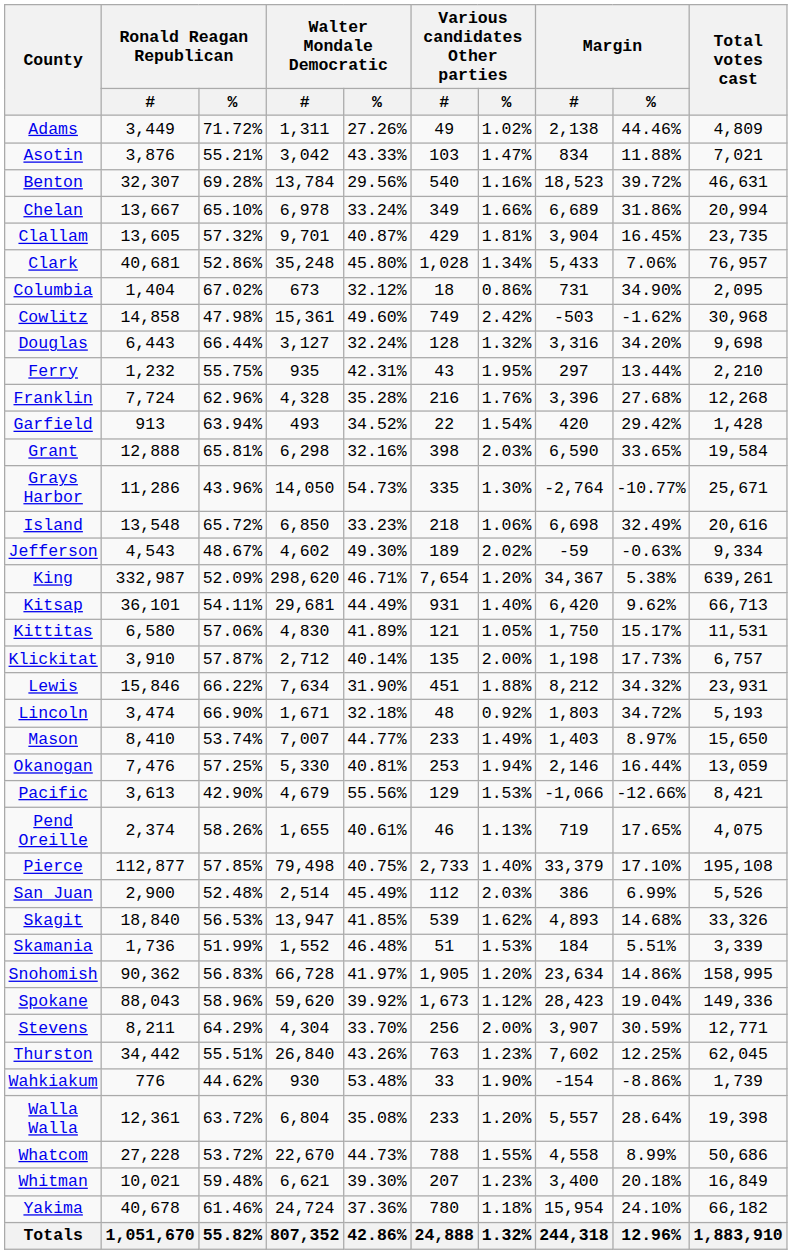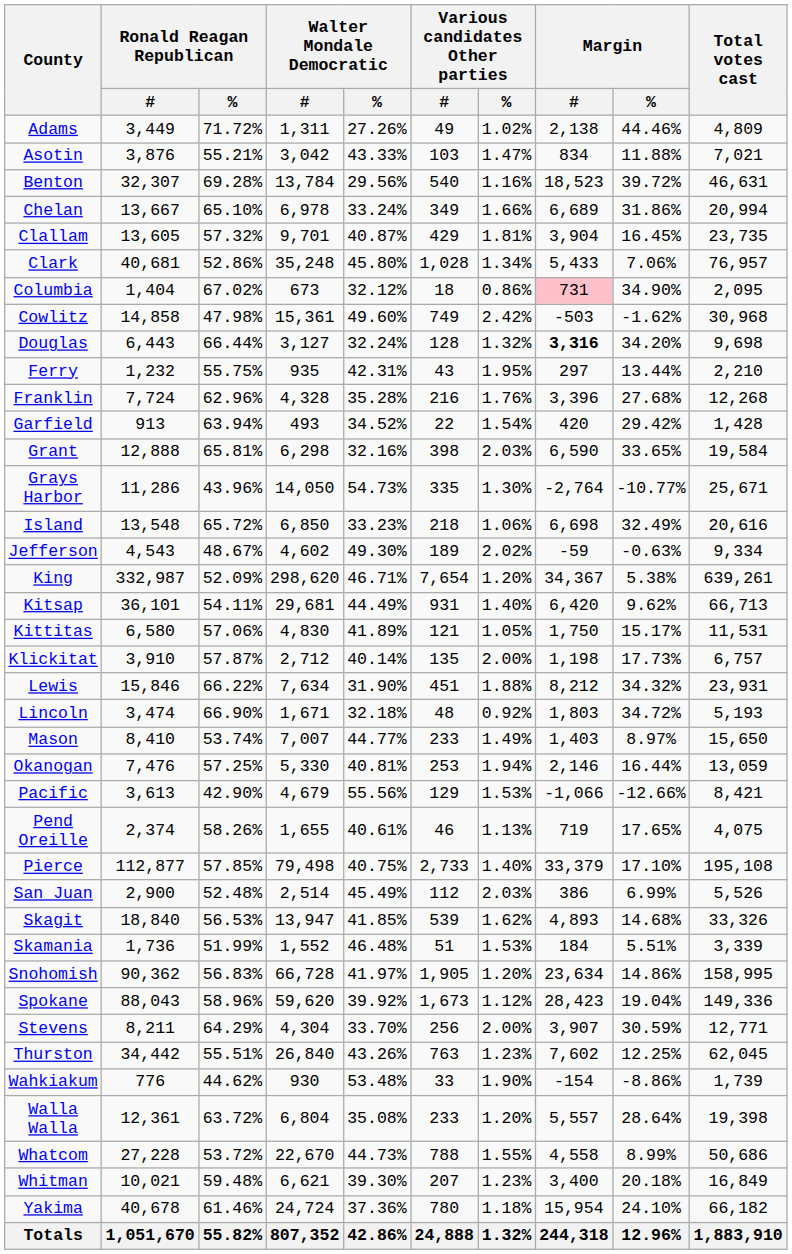 <table width="60%" class="wikitable sortable" style="text-align:center">
 <tr>
 <th style="text-align:center;" rowspan="2">County</th>
 <th style="text-align:center;" colspan="2">Ronald Reagan<br>Republican</th>
 <th style="text-align:center;" colspan="2">Walter Mondale<br>Democratic</th>
 <th style="text-align:center;" colspan="2">Various candidates<br>Other parties</th>
 <th style="text-align:center;" colspan="2">Margin</th>
 <th style="text-align:center;" rowspan="2">Total votes cast</th>
 </tr>
 <tr>
 <th style="text-align:center;" data-sort-type="number">#</th>
 <th style="text-align:center;" data-sort-type="number">%</th>
 <th style="text-align:center;" data-sort-type="number">#</th>
 <th style="text-align:center;" data-sort-type="number">%</th>
 <th style="text-align:center;" data-sort-type="number">#</th>
 <th style="text-align:center;" data-sort-type="number">%</th>
 <th style="text-align:center;" data-sort-type="number">#</th>
 <th style="text-align:center;" data-sort-type="number">%</th>
 </tr>
 <tr style="text-align:center;">
 <td><a href='#'>Adams</a></td>
 <td>3,449</td>
 <td>71.72%</td>
 <td>1,311</td>
 <td>27.26%</td>
 <td>49</td>
 <td>1.02%</td>
 <td>2,138</td>
 <td>44.46%</td>
 <td>4,809</td>
 </tr>
 <tr style="text-align:center;">
 <td><a href='#'>Asotin</a></td>
 <td>3,876</td>
 <td>55.21%</td>
 <td>3,042</td>
 <td>43.33%</td>
 <td>103</td>
 <td>1.47%</td>
 <td>834</td>
 <td>11.88%</td>
 <td>7,021</td>
 </tr>
 <tr style="text-align:center;">
 <td><a href='#'>Benton</a></td>
 <td>32,307</td>
 <td>69.28%</td>
 <td>13,784</td>
 <td>29.56%</td>
 <td>540</td>
 <td>1.16%</td>
 <td>18,523</td>
 <td>39.72%</td>
 <td>46,631</td>
 </tr>
 <tr style="text-align:center;">
 <td><a href='#'>Chelan</a></td>
 <td>13,667</td>
 <td>65.10%</td>
 <td>6,978</td>
 <td>33.24%</td>
 <td>349</td>
 <td>1.66%</td>
 <td>6,689</td>
 <td>31.86%</td>
 <td>20,994</td>
 </tr>
 <tr style="text-align:center;">
 <td><a href='#'>Clallam</a></td>
 <td>13,605</td>
 <td>57.32%</td>
 <td>9,701</td>
 <td>40.87%</td>
 <td>429</td>
 <td>1.81%</td>
 <td>3,904</td>
 <td>16.45%</td>
 <td>23,735</td>
 </tr>
 <tr style="text-align:center;">
 <td><a href='#'>Clark</a></td>
 <td>40,681</td>
 <td>52.86%</td>
 <td>35,248</td>
 <td>45.80%</td>
 <td>1,028</td>
 <td>1.34%</td>
 <td>5,433</td>
 <td>7.06%</td>
 <td>76,957</td>
 </tr>
 <tr style="text-align:center;">
 <td><a href='#'>Columbia</a></td>
 <td>1,404</td>
 <td>67.02%</td>
 <td>673</td>
 <td>32.12%</td>
 <td>18</td>
 <td>0.86%</td>
-<td>731</td>
+<td style="background: pink;">731</td>
 <td>34.90%</td>
 <td>2,095</td>
 </tr>
 <tr style="text-align:center;">
 <td><a href='#'>Cowlitz</a></td>
 <td>14,858</td>
 <td>47.98%</td>
 <td>15,361</td>
 <td>49.60%</td>
 <td>749</td>
 <td>2.42%</td>
 <td>-503</td>
 <td>-1.62%</td>
 <td>30,968</td>
 </tr>
 <tr style="text-align:center;">
 <td><a href='#'>Douglas</a></td>
 <td>6,443</td>
 <td>66.44%</td>
 <td>3,127</td>
 <td>32.24%</td>
 <td>128</td>
 <td>1.32%</td>
-<td>3,316</td>
+<td><strong>3,316</strong></td>
 <td>34.20%</td>
 <td>9,698</td>
 </tr>
 <tr style="text-align:center;">
 <td><a href='#'>Ferry</a></td>
 <td>1,232</td>
 <td>55.75%</td>
 <td>935</td>
 <td>42.31%</td>
 <td>43</td>
 <td>1.95%</td>
 <td>297</td>
 <td>13.44%</td>
 <td>2,210</td>
 </tr>
 <tr style="text-align:center;">
 <td><a href='#'>Franklin</a></td>
 <td>7,724</td>
 <td>62.96%</td>
 <td>4,328</td>
 <td>35.28%</td>
 <td>216</td>
 <td>1.76%</td>
 <td>3,396</td>
 <td>27.68%</td>
 <td>12,268</td>
 </tr>
 <tr style="text-align:center;">
 <td><a href='#'>Garfield</a></td>
 <td>913</td>
 <td>63.94%</td>
 <td>493</td>
 <td>34.52%</td>
 <td>22</td>
 <td>1.54%</td>
 <td>420</td>
 <td>29.42%</td>
 <td>1,428</td>
 </tr>
 <tr style="text-align:center;">
 <td><a href='#'>Grant</a></td>
 <td>12,888</td>
 <td>65.81%</td>
 <td>6,298</td>
 <td>32.16%</td>
 <td>398</td>
 <td>2.03%</td>
 <td>6,590</td>
 <td>33.65%</td>
 <td>19,584</td>
 </tr>
 <tr style="text-align:center;">
 <td><a href='#'>Grays Harbor</a></td>
 <td>11,286</td>
 <td>43.96%</td>
 <td>14,050</td>
 <td>54.73%</td>
 <td>335</td>
 <td>1.30%</td>
 <td>-2,764</td>
 <td>-10.77%</td>
 <td>25,671</td>
 </tr>
 <tr style="text-align:center;">
 <td><a href='#'>Island</a></td>
 <td>13,548</td>
 <td>65.72%</td>
 <td>6,850</td>
 <td>33.23%</td>
 <td>218</td>
 <td>1.06%</td>
 <td>6,698</td>
 <td>32.49%</td>
 <td>20,616</td>
 </tr>
 <tr style="text-align:center;">
 <td><a href='#'>Jefferson</a></td>
 <td>4,543</td>
 <td>48.67%</td>
 <td>4,602</td>
 <td>49.30%</td>
 <td>189</td>
 <td>2.02%</td>
 <td>-59</td>
 <td>-0.63%</td>
 <td>9,334</td>
 </tr>
 <tr style="text-align:center;">
 <td><a href='#'>King</a></td>
 <td>332,987</td>
 <td>52.09%</td>
 <td>298,620</td>
 <td>46.71%</td>
 <td>7,654</td>
 <td>1.20%</td>
 <td>34,367</td>
 <td>5.38%</td>
 <td>639,261</td>
 </tr>
 <tr style="text-align:center;">
 <td><a href='#'>Kitsap</a></td>
 <td>36,101</td>
 <td>54.11%</td>
 <td>29,681</td>
 <td>44.49%</td>
 <td>931</td>
 <td>1.40%</td>
 <td>6,420</td>
 <td>9.62%</td>
 <td>66,713</td>
 </tr>
 <tr style="text-align:center;">
 <td><a href='#'>Kittitas</a></td>
 <td>6,580</td>
 <td>57.06%</td>
 <td>4,830</td>
 <td>41.89%</td>
 <td>121</td>
 <td>1.05%</td>
 <td>1,750</td>
 <td>15.17%</td>
 <td>11,531</td>
 </tr>
 <tr style="text-align:center;">
 <td><a href='#'>Klickitat</a></td>
 <td>3,910</td>
 <td>57.87%</td>
 <td>2,712</td>
 <td>40.14%</td>
 <td>135</td>
 <td>2.00%</td>
 <td>1,198</td>
 <td>17.73%</td>
 <td>6,757</td>
 </tr>
 <tr style="text-align:center;">
 <td><a href='#'>Lewis</a></td>
 <td>15,846</td>
 <td>66.22%</td>
 <td>7,634</td>
 <td>31.90%</td>
 <td>451</td>
 <td>1.88%</td>
 <td>8,212</td>
 <td>34.32%</td>
 <td>23,931</td>
 </tr>
 <tr style="text-align:center;">
 <td><a href='#'>Lincoln</a></td>
 <td>3,474</td>
 <td>66.90%</td>
 <td>1,671</td>
 <td>32.18%</td>
 <td>48</td>
 <td>0.92%</td>
 <td>1,803</td>
 <td>34.72%</td>
 <td>5,193</td>
 </tr>
 <tr style="text-align:center;">
 <td><a href='#'>Mason</a></td>
 <td>8,410</td>
 <td>53.74%</td>
 <td>7,007</td>
 <td>44.77%</td>
 <td>233</td>
 <td>1.49%</td>
 <td>1,403</td>
 <td>8.97%</td>
 <td>15,650</td>
 </tr>
 <tr style="text-align:center;">
 <td><a href='#'>Okanogan</a></td>
 <td>7,476</td>
 <td>57.25%</td>
 <td>5,330</td>
 <td>40.81%</td>
 <td>253</td>
 <td>1.94%</td>
 <td>2,146</td>
 <td>16.44%</td>
 <td>13,059</td>
 </tr>
 <tr style="text-align:center;">
 <td><a href='#'>Pacific</a></td>
 <td>3,613</td>
 <td>42.90%</td>
 <td>4,679</td>
 <td>55.56%</td>
 <td>129</td>
 <td>1.53%</td>
 <td>-1,066</td>
 <td>-12.66%</td>
 <td>8,421</td>
 </tr>
 <tr style="text-align:center;">
 <td><a href='#'>Pend Oreille</a></td>
 <td>2,374</td>
 <td>58.26%</td>
 <td>1,655</td>
 <td>40.61%</td>
 <td>46</td>
 <td>1.13%</td>
 <td>719</td>
 <td>17.65%</td>
 <td>4,075</td>
 </tr>
 <tr style="text-align:center;">
 <td><a href='#'>Pierce</a></td>
 <td>112,877</td>
 <td>57.85%</td>
 <td>79,498</td>
 <td>40.75%</td>
 <td>2,733</td>
 <td>1.40%</td>
 <td>33,379</td>
 <td>17.10%</td>
 <td>195,108</td>
 </tr>
 <tr style="text-align:center;">
 <td><a href='#'>San Juan</a></td>
 <td>2,900</td>
 <td>52.48%</td>
 <td>2,514</td>
 <td>45.49%</td>
 <td>112</td>
 <td>2.03%</td>
 <td>386</td>
 <td>6.99%</td>
 <td>5,526</td>
 </tr>
 <tr style="text-align:center;">
 <td><a href='#'>Skagit</a></td>
 <td>18,840</td>
 <td>56.53%</td>
 <td>13,947</td>
 <td>41.85%</td>
 <td>539</td>
 <td>1.62%</td>
 <td>4,893</td>
 <td>14.68%</td>
 <td>33,326</td>
 </tr>
 <tr style="text-align:center;">
 <td><a href='#'>Skamania</a></td>
 <td>1,736</td>
 <td>51.99%</td>
 <td>1,552</td>
 <td>46.48%</td>
 <td>51</td>
 <td>1.53%</td>
 <td>184</td>
 <td>5.51%</td>
 <td>3,339</td>
 </tr>
 <tr style="text-align:center;">
 <td><a href='#'>Snohomish</a></td>
 <td>90,362</td>
 <td>56.83%</td>
 <td>66,728</td>
 <td>41.97%</td>
 <td>1,905</td>
 <td>1.20%</td>
 <td>23,634</td>
 <td>14.86%</td>
 <td>158,995</td>
 </tr>
 <tr style="text-align:center;">
 <td><a href='#'>Spokane</a></td>
 <td>88,043</td>
 <td>58.96%</td>
 <td>59,620</td>
 <td>39.92%</td>
 <td>1,673</td>
 <td>1.12%</td>
 <td>28,423</td>
 <td>19.04%</td>
 <td>149,336</td>
 </tr>
 <tr style="text-align:center;">
 <td><a href='#'>Stevens</a></td>
 <td>8,211</td>
 <td>64.29%</td>
 <td>4,304</td>
 <td>33.70%</td>
 <td>256</td>
 <td>2.00%</td>
 <td>3,907</td>
 <td>30.59%</td>
 <td>12,771</td>
 </tr>
 <tr style="text-align:center;">
 <td><a href='#'>Thurston</a></td>
 <td>34,442</td>
 <td>55.51%</td>
 <td>26,840</td>
 <td>43.26%</td>
 <td>763</td>
 <td>1.23%</td>
 <td>7,602</td>
 <td>12.25%</td>
 <td>62,045</td>
 </tr>
 <tr style="text-align:center;">
 <td><a href='#'>Wahkiakum</a></td>
 <td>776</td>
 <td>44.62%</td>
 <td>930</td>
 <td>53.48%</td>
 <td>33</td>
 <td>1.90%</td>
 <td>-154</td>
 <td>-8.86%</td>
 <td>1,739</td>
 </tr>
 <tr style="text-align:center;">
 <td><a href='#'>Walla Walla</a></td>
 <td>12,361</td>
 <td>63.72%</td>
 <td>6,804</td>
 <td>35.08%</td>
 <td>233</td>
 <td>1.20%</td>
 <td>5,557</td>
 <td>28.64%</td>
 <td>19,398</td>
 </tr>
 <tr style="text-align:center;">
 <td><a href='#'>Whatcom</a></td>
 <td>27,228</td>
 <td>53.72%</td>
 <td>22,670</td>
 <td>44.73%</td>
 <td>788</td>
 <td>1.55%</td>
 <td>4,558</td>
 <td>8.99%</td>
 <td>50,686</td>
 </tr>
 <tr style="text-align:center;">
 <td><a href='#'>Whitman</a></td>
 <td>10,021</td>
 <td>59.48%</td>
 <td>6,621</td>
 <td>39.30%</td>
 <td>207</td>
 <td>1.23%</td>
 <td>3,400</td>
 <td>20.18%</td>
 <td>16,849</td>
 </tr>
 <tr style="text-align:center;">
 <td><a href='#'>Yakima</a></td>
 <td>40,678</td>
 <td>61.46%</td>
 <td>24,724</td>
 <td>37.36%</td>
 <td>780</td>
 <td>1.18%</td>
 <td>15,954</td>
 <td>24.10%</td>
 <td>66,182</td>
 </tr>
 <tr style="text-align:center;">
 <th>Totals</th>
 <th>1,051,670</th>
 <th>55.82%</th>
 <th>807,352</th>
 <th>42.86%</th>
 <th>24,888</th>
 <th>1.32%</th>
 <th>244,318</th>
 <th>12.96%</th>
 <th>1,883,910</th>
 </tr>
 </table>
